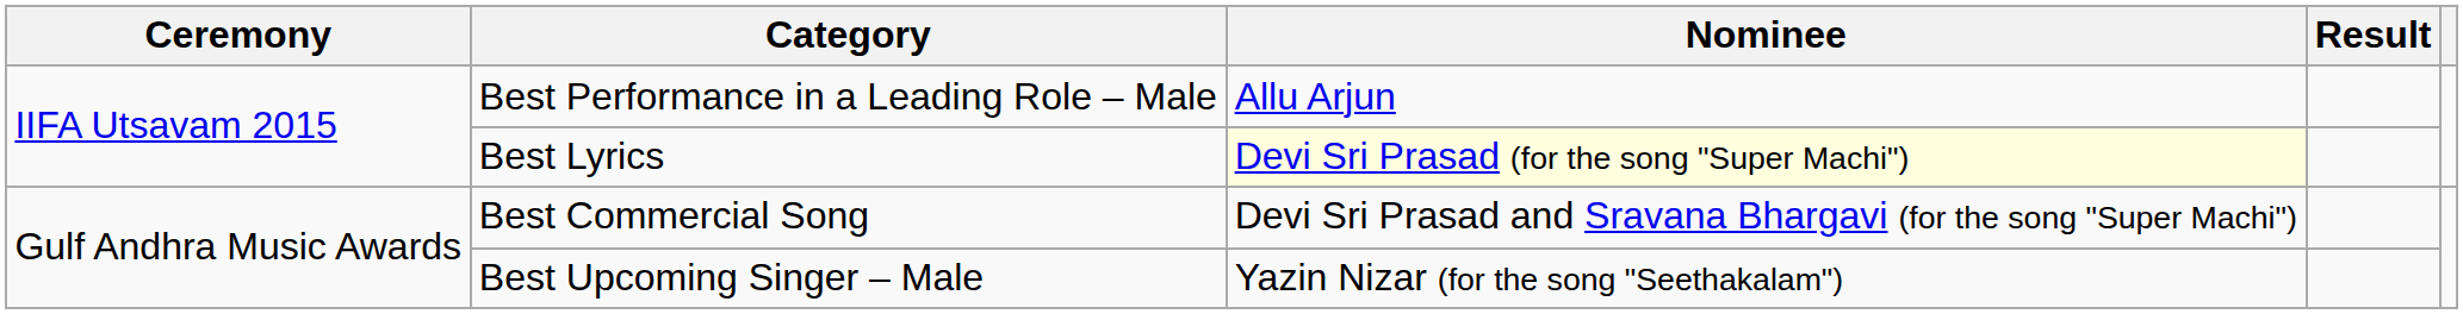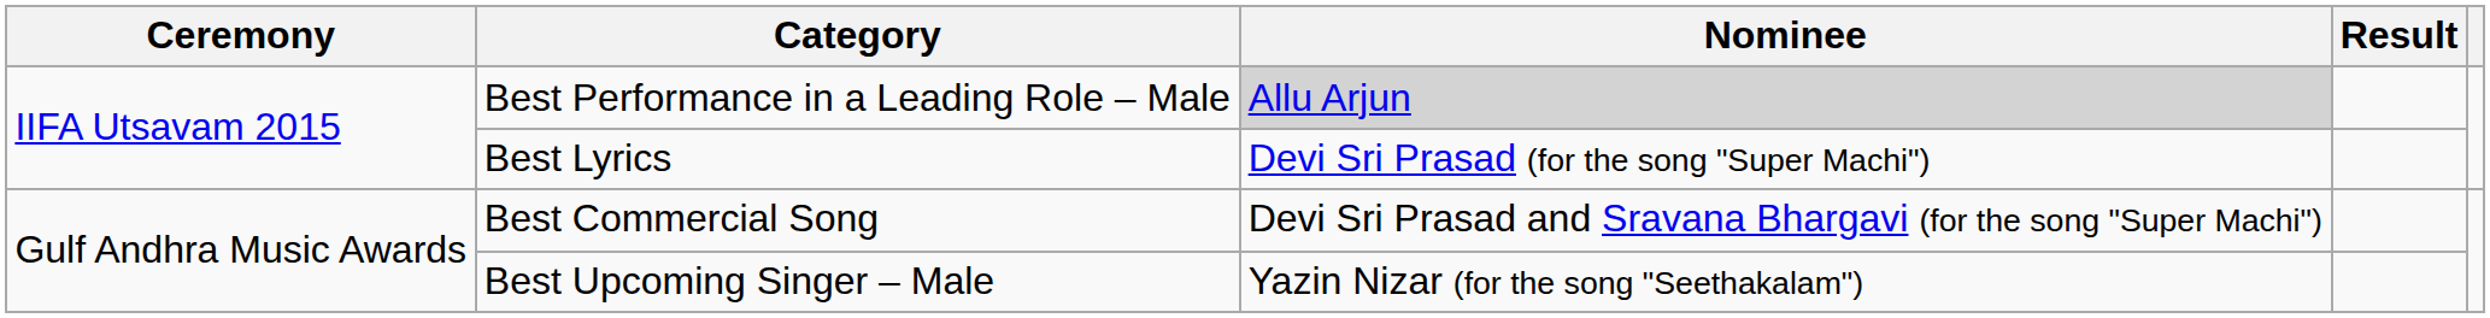 <table class="wikitable">
 <tr>
 <th>Ceremony</th>
 <th>Category</th>
 <th>Nominee</th>
 <th>Result</th>
 <th></th>
 </tr>
 <tr>
 <td rowspan="2"><a href='#'>IIFA Utsavam 2015</a></td>
 <td>Best Performance in a Leading Role – Male</td>
-<td><a href='#'>Allu Arjun</a></td>
+<td style="background: lightgrey;"><a href='#'>Allu Arjun</a></td>
 <td></td>
 <td rowspan="2"></td>
 </tr>
 <tr>
 <td>Best Lyrics</td>
-<td style="background: lightyellow;"><a href='#'>Devi Sri Prasad</a> <small>(for the song "Super Machi")</small></td>
+<td><a href='#'>Devi Sri Prasad</a> <small>(for the song "Super Machi")</small></td>
 <td></td>
 </tr>
 <tr>
 <td rowspan="2">Gulf Andhra Music Awards</td>
 <td>Best Commercial Song</td>
 <td>Devi Sri Prasad and <a href='#'>Sravana Bhargavi</a> <small>(for the song "Super Machi")</small></td>
 <td></td>
 <td rowspan="2"></td>
 </tr>
 <tr>
 <td>Best Upcoming Singer – Male</td>
 <td>Yazin Nizar <small>(for the song "Seethakalam")</small></td>
 <td></td>
 </tr>
 </table>
